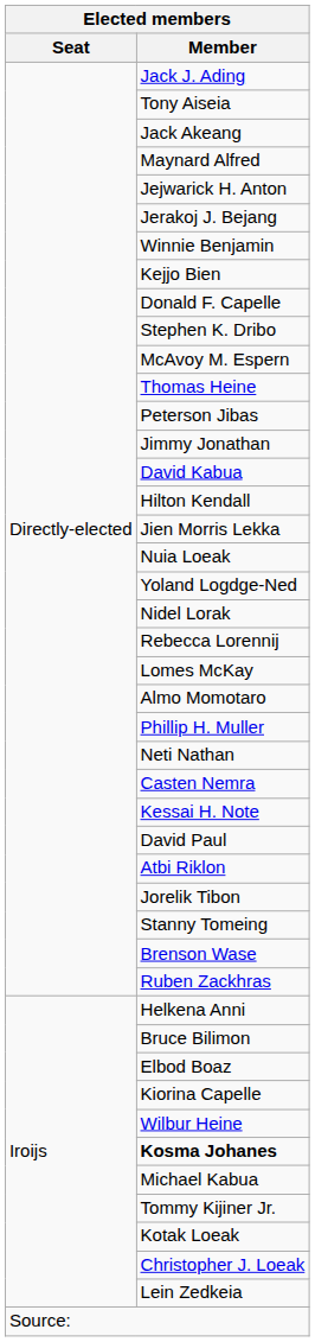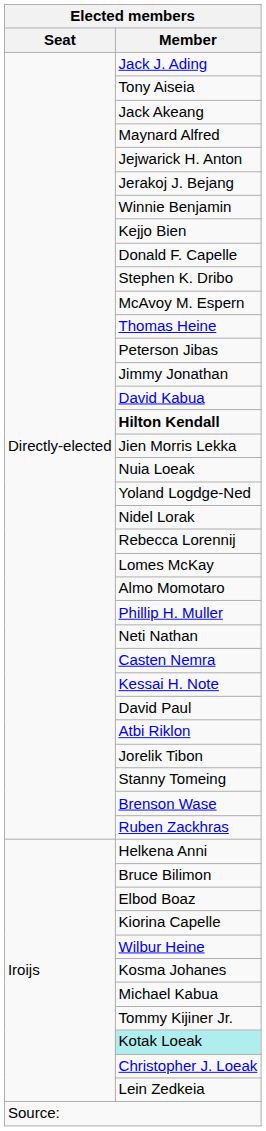 <table class=wikitable>
 <tr>
 <th colspan=2>Elected members</th>
 </tr>
 <tr>
 <th>Seat</th>
 <th>Member</th>
 </tr>
 <tr>
 <td rowspan=33>Directly-elected</td>
 <td><a href='#'>Jack J. Ading</a></td>
 </tr>
 <tr>
 <td>Tony Aiseia</td>
 </tr>
 <tr>
 <td>Jack Akeang</td>
 </tr>
 <tr>
 <td>Maynard Alfred</td>
 </tr>
 <tr>
 <td>Jejwarick H. Anton</td>
 </tr>
 <tr>
 <td>Jerakoj J. Bejang</td>
 </tr>
 <tr>
 <td>Winnie Benjamin</td>
 </tr>
 <tr>
 <td>Kejjo Bien</td>
 </tr>
 <tr>
 <td>Donald F. Capelle</td>
 </tr>
 <tr>
 <td>Stephen K. Dribo</td>
 </tr>
 <tr>
 <td>McAvoy M. Espern</td>
 </tr>
 <tr>
 <td><a href='#'>Thomas Heine</a></td>
 </tr>
 <tr>
 <td>Peterson Jibas</td>
 </tr>
 <tr>
 <td>Jimmy Jonathan</td>
 </tr>
 <tr>
 <td><a href='#'>David Kabua</a></td>
 </tr>
 <tr>
-<td>Hilton Kendall</td>
+<td><strong>Hilton Kendall</strong></td>
 </tr>
 <tr>
 <td>Jien Morris Lekka</td>
 </tr>
 <tr>
 <td>Nuia Loeak</td>
 </tr>
 <tr>
 <td>Yoland Logdge-Ned</td>
 </tr>
 <tr>
 <td>Nidel Lorak</td>
 </tr>
 <tr>
 <td>Rebecca Lorennij</td>
 </tr>
 <tr>
 <td>Lomes McKay</td>
 </tr>
 <tr>
 <td>Almo Momotaro</td>
 </tr>
 <tr>
 <td><a href='#'>Phillip H. Muller</a></td>
 </tr>
 <tr>
 <td>Neti Nathan</td>
 </tr>
 <tr>
 <td><a href='#'>Casten Nemra</a></td>
 </tr>
 <tr>
 <td><a href='#'>Kessai H. Note</a></td>
 </tr>
 <tr>
 <td>David Paul</td>
 </tr>
 <tr>
 <td><a href='#'>Atbi Riklon</a></td>
 </tr>
 <tr>
 <td>Jorelik Tibon</td>
 </tr>
 <tr>
 <td>Stanny Tomeing</td>
 </tr>
 <tr>
 <td><a href='#'>Brenson Wase</a></td>
 </tr>
 <tr>
 <td><a href='#'>Ruben Zackhras</a></td>
 </tr>
 <tr>
 <td rowspan=11>Iroijs</td>
 <td>Helkena Anni</td>
 </tr>
 <tr>
 <td>Bruce Bilimon</td>
 </tr>
 <tr>
 <td>Elbod Boaz</td>
 </tr>
 <tr>
 <td>Kiorina Capelle</td>
 </tr>
 <tr>
 <td><a href='#'>Wilbur Heine</a></td>
 </tr>
 <tr>
-<td><strong>Kosma Johanes</strong></td>
+<td>Kosma Johanes</td>
 </tr>
 <tr>
 <td>Michael Kabua</td>
 </tr>
 <tr>
 <td>Tommy Kijiner Jr.</td>
 </tr>
 <tr>
-<td>Kotak Loeak</td>
+<td style="background: paleturquoise;">Kotak Loeak</td>
 </tr>
 <tr>
 <td><a href='#'>Christopher J. Loeak</a></td>
 </tr>
 <tr>
 <td>Lein Zedkeia</td>
 </tr>
 <tr>
 <td colspan=2>Source: </td>
 </tr>
 </table>
